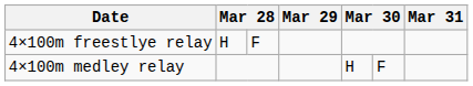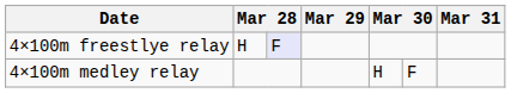 <table class="wikitable swimming-schedule">
 <tr>
 <th scope="row">Date</th>
 <th scope="col" colspan="2">Mar 28</th>
 <th scope="col" colspan="2">Mar 29</th>
 <th scope="col" colspan="2">Mar 30</th>
 <th scope="col" colspan="2">Mar 31</th>
 </tr>
 <tr>
 <td class="event">4×100m freestlye relay</td>
 <td class="heats">H</td>
-<td class="final">F</td>
+<td class="final" style="background: lavender;">F</td>
 <td colspan=2></td>
 <td colspan=2></td>
 <td colspan=2></td>
 </tr>
 <tr>
 <td class="event">4×100m medley relay</td>
 <td colspan=2></td>
 <td colspan=2></td>
 <td class="heats">H</td>
 <td class="final">F</td>
 <td colspan=2></td>
 </tr>
 </table>
